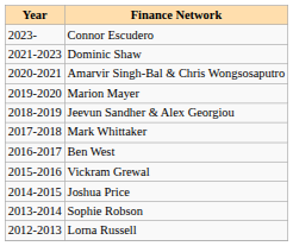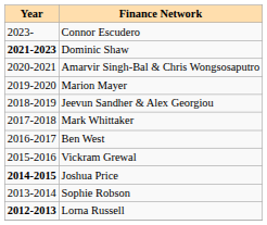 <table class="sortable wikitable" align="center">
 <tr>
 <th style="background:#ffdead;">Year</th>
 <th style="background:#ffdead;">Finance Network</th>
 </tr>
 <tr>
 <td>2023-</td>
 <td>Connor Escudero</td>
 </tr>
 <tr>
-<td>2021-2023</td>
+<td><strong>2021-2023</strong></td>
 <td>Dominic Shaw</td>
 </tr>
 <tr>
 <td>2020-2021</td>
 <td>Amarvir Singh-Bal & Chris Wongsosaputro</td>
 </tr>
 <tr>
 <td>2019-2020</td>
 <td>Marion Mayer</td>
 </tr>
 <tr>
 <td>2018-2019</td>
 <td>Jeevun Sandher & Alex Georgiou</td>
 </tr>
 <tr>
 <td>2017-2018</td>
 <td>Mark Whittaker</td>
 </tr>
 <tr>
 <td>2016-2017</td>
 <td>Ben West</td>
 </tr>
 <tr>
 <td>2015-2016</td>
 <td>Vickram Grewal</td>
 </tr>
 <tr>
-<td>2014-2015</td>
+<td><strong>2014-2015</strong></td>
 <td>Joshua Price</td>
 </tr>
 <tr>
 <td>2013-2014</td>
 <td>Sophie Robson</td>
 </tr>
 <tr>
-<td>2012-2013</td>
+<td><strong>2012-2013</strong></td>
 <td>Lorna Russell</td>
 </tr>
 <tr>
 </tr>
 </table>
